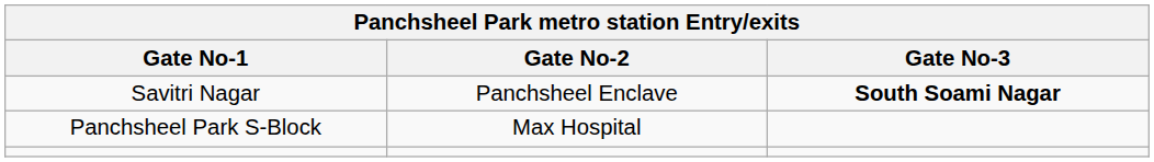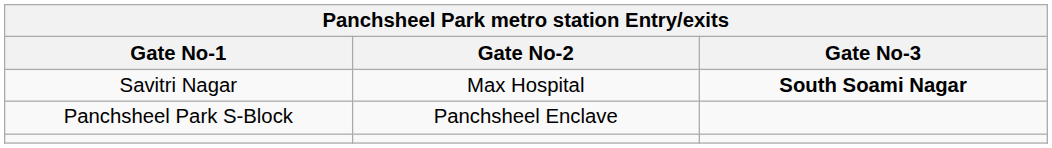 <table class="wikitable" style="text-align: center;" width="65%">
 <tr>
 <th align="center" colspan="5" style="background:#"><span>Panchsheel Park metro station Entry/exits</span></th>
 </tr>
 <tr>
 <th style="width:15%;">Gate No-1 </th>
 <th style="width:15%;">Gate No-2 </th>
 <th style="width:15%;">Gate No-3</th>
 </tr>
 <tr>
 <td>Savitri Nagar</td>
-<td>Panchsheel Enclave</td>
+<td>Max Hospital</td>
 <td><strong>South Soami Nagar</strong></td>
 </tr>
 <tr>
 <td>Panchsheel Park S-Block</td>
-<td>Max Hospital</td>
+<td>Panchsheel Enclave</td>
 <td></td>
 </tr>
 <tr>
 <td></td>
 <td></td>
 <td></td>
 </tr>
 </table>
